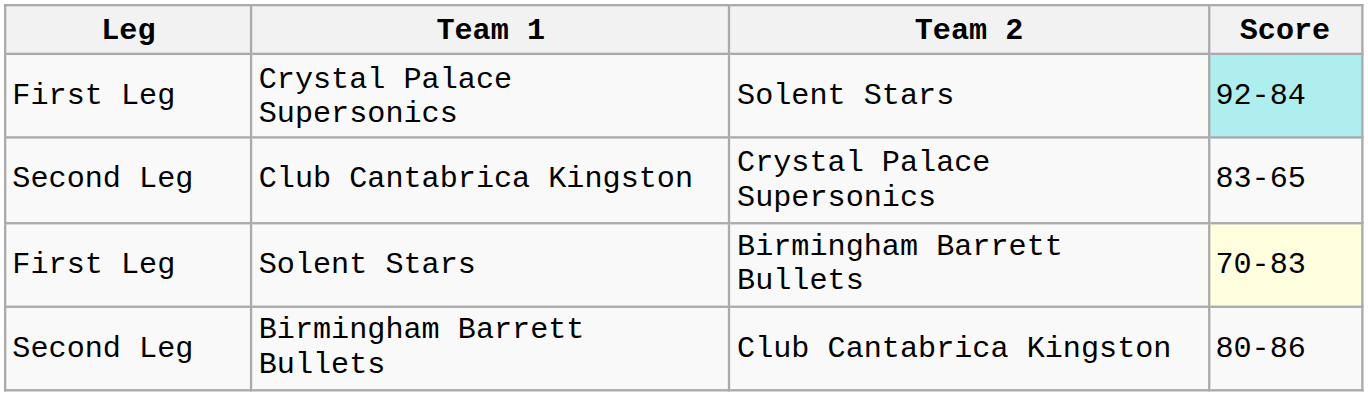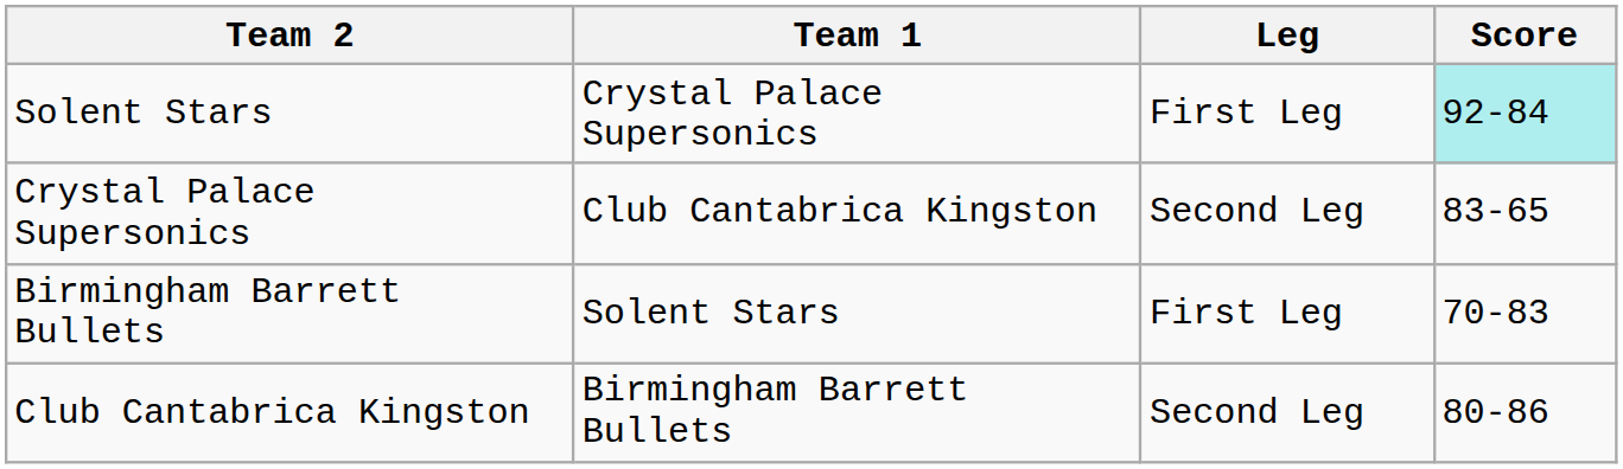 <table class="wikitable" style="font-size: 100%">
 <tr>
+<th width=200>Team 2</th>
+<th width=200>Team 1</th>
 <th width=100>Leg</th>
-<th width=200>Team 1</th>
-<th width=200>Team 2</th>
 <th width=60>Score</th>
 </tr>
 <tr>
+<td>Solent Stars</td>
+<td>Crystal Palace Supersonics</td>
 <td>First Leg</td>
-<td>Crystal Palace Supersonics</td>
-<td>Solent Stars</td>
 <td style="background: paleturquoise;">92-84</td>
 </tr>
 <tr>
+<td>Crystal Palace Supersonics</td>
+<td>Club Cantabrica Kingston</td>
 <td>Second Leg</td>
-<td>Club Cantabrica Kingston</td>
-<td>Crystal Palace Supersonics</td>
 <td>83-65</td>
 </tr>
 <tr>
+<td>Birmingham Barrett Bullets</td>
+<td>Solent Stars</td>
 <td>First Leg</td>
-<td>Solent Stars</td>
-<td>Birmingham Barrett Bullets</td>
-<td style="background: lightyellow;">70-83</td>
+<td>70-83</td>
 </tr>
 <tr>
+<td>Club Cantabrica Kingston</td>
+<td>Birmingham Barrett Bullets</td>
 <td>Second Leg</td>
-<td>Birmingham Barrett Bullets</td>
-<td>Club Cantabrica Kingston</td>
 <td>80-86</td>
 </tr>
 </table>
